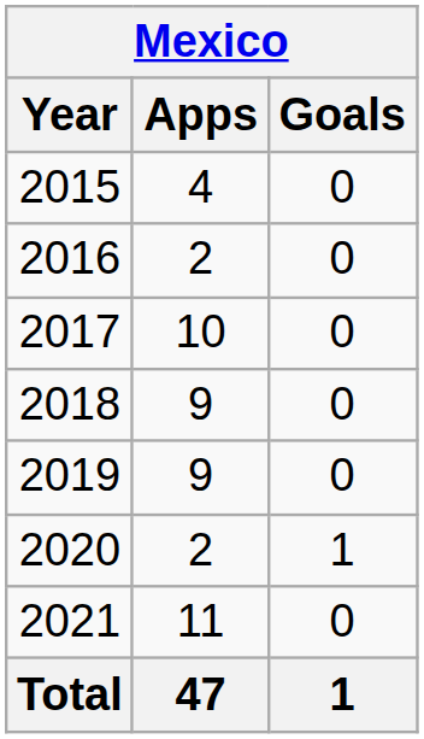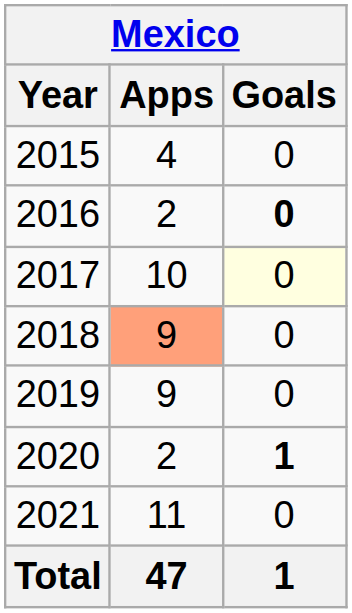 <table class="wikitable" style="text-align:center">
 <tr>
 <th colspan=3><a href='#'>Mexico</a></th>
 </tr>
 <tr>
 <th>Year</th>
 <th>Apps</th>
 <th>Goals</th>
 </tr>
 <tr>
 <td>2015</td>
 <td>4</td>
 <td>0</td>
 </tr>
 <tr>
 <td>2016</td>
 <td>2</td>
-<td>0</td>
+<td><strong>0</strong></td>
 </tr>
 <tr>
 <td>2017</td>
 <td>10</td>
-<td>0</td>
+<td style="background: lightyellow;">0</td>
 </tr>
 <tr>
 <td>2018</td>
-<td>9</td>
+<td style="background: lightsalmon;">9</td>
 <td>0</td>
 </tr>
 <tr>
 <td>2019</td>
 <td>9</td>
 <td>0</td>
 </tr>
 <tr>
 <td>2020</td>
 <td>2</td>
-<td>1</td>
+<td><strong>1</strong></td>
 </tr>
 <tr>
 <td>2021</td>
 <td>11</td>
 <td>0</td>
 </tr>
 <tr>
 <th>Total</th>
 <th>47</th>
 <th>1</th>
 </tr>
 </table>
